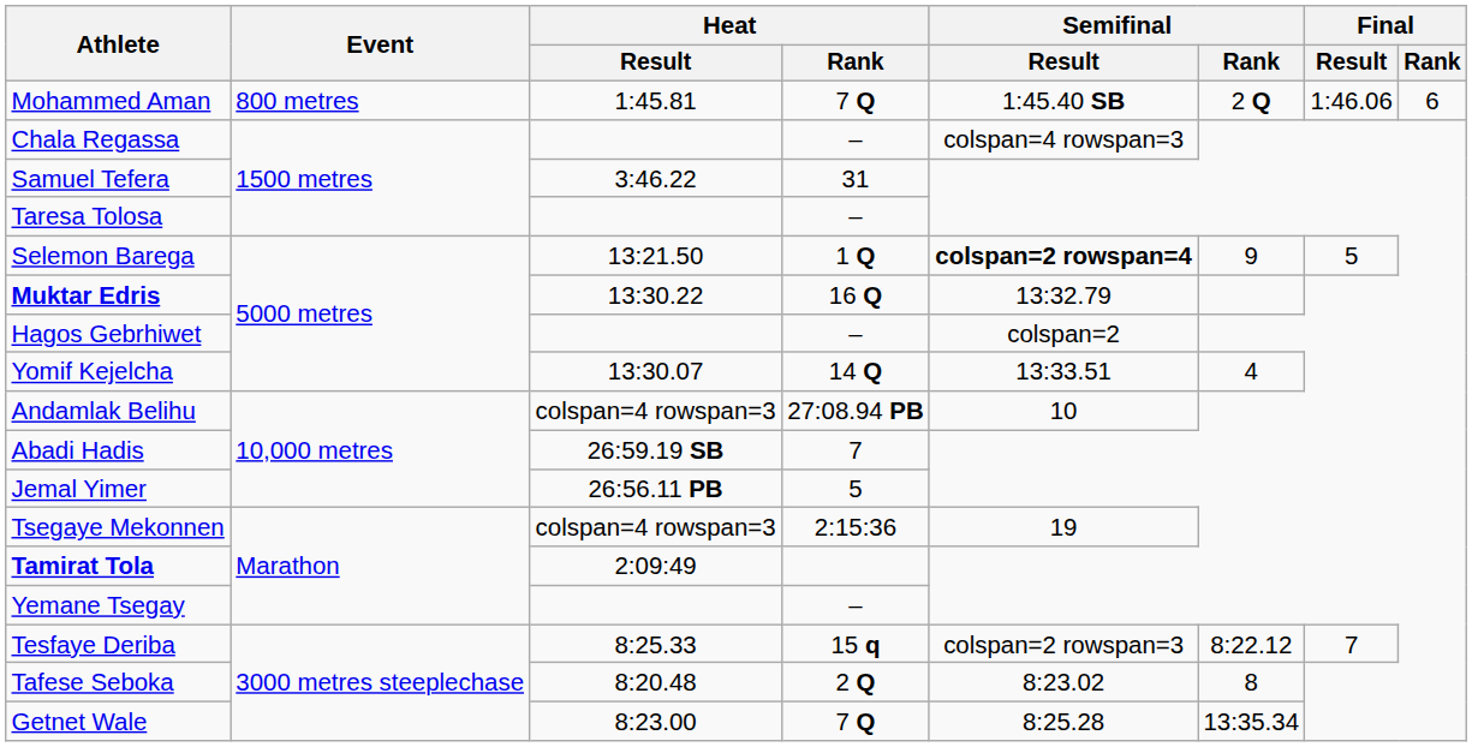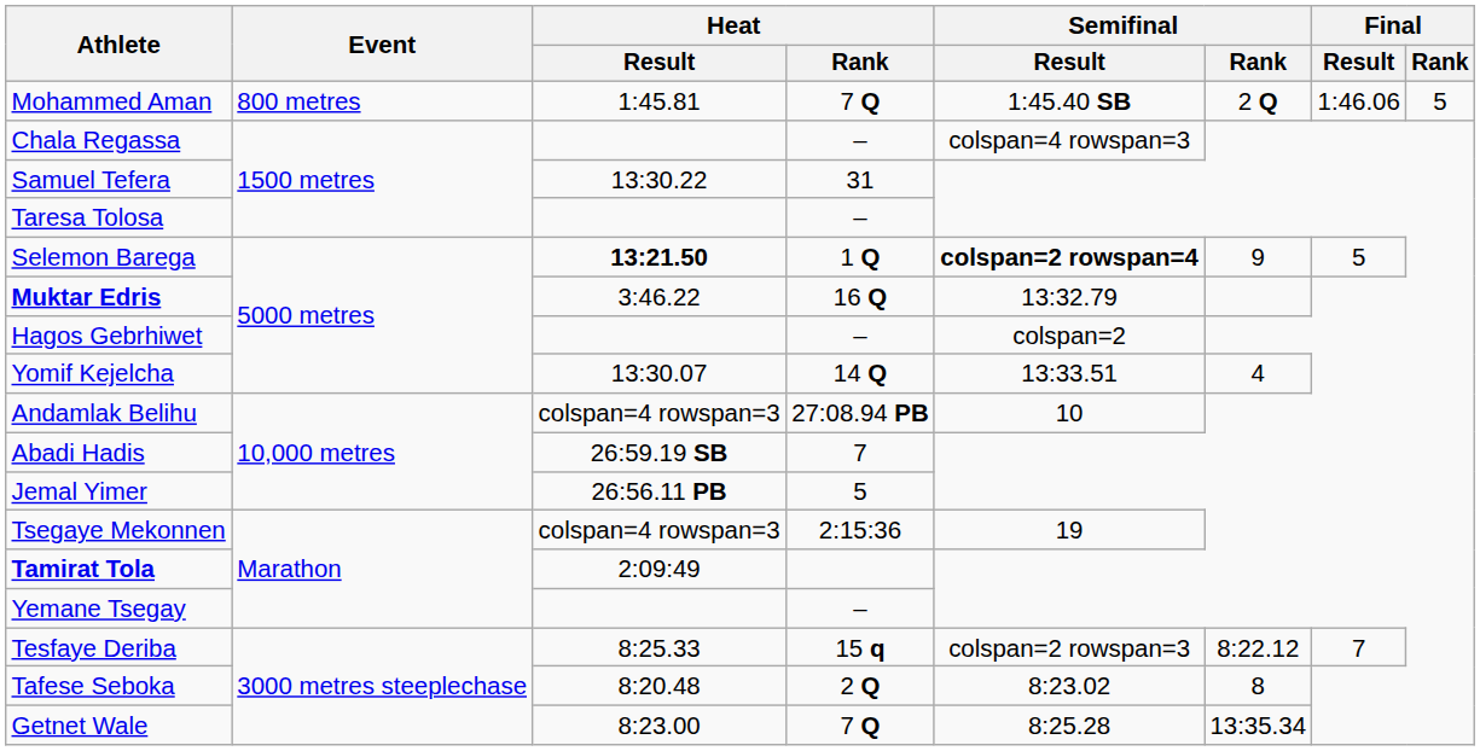 <table class="wikitable" style="font-size:90%">
 <tr>
 <th rowspan="2">Athlete</th>
 <th rowspan="2">Event</th>
 <th colspan="2">Heat</th>
 <th colspan="2">Semifinal</th>
 <th colspan="2">Final</th>
 </tr>
 <tr style="font-size:95%">
 <th>Result</th>
 <th>Rank</th>
 <th>Result</th>
 <th>Rank</th>
 <th>Result</th>
 <th>Rank</th>
 </tr>
 <tr style=text-align:center>
 <td style=text-align:left><a href='#'>Mohammed Aman</a></td>
 <td style=text-align:left><a href='#'>800 metres</a></td>
 <td>1:45.81</td>
 <td>7 <strong>Q</strong></td>
 <td>1:45.40 <strong>SB</strong></td>
 <td>2 <strong>Q</strong></td>
 <td>1:46.06</td>
-<td>6</td>
+<td>5</td>
 </tr>
 <tr style=text-align:center>
 <td style=text-align:left><a href='#'>Chala Regassa</a></td>
 <td style=text-align:left rowspan=3><a href='#'>1500 metres</a></td>
 <td></td>
 <td>–</td>
 <td>colspan=4 rowspan=3 </td>
 </tr>
 <tr style=text-align:center>
 <td style=text-align:left><a href='#'>Samuel Tefera</a></td>
-<td>3:46.22</td>
+<td>13:30.22</td>
 <td>31</td>
 </tr>
 <tr style=text-align:center>
 <td style=text-align:left><a href='#'>Taresa Tolosa</a></td>
 <td></td>
 <td>–</td>
 </tr>
 <tr style=text-align:center>
 <td style=text-align:left><a href='#'>Selemon Barega</a></td>
 <td style=text-align:left rowspan=4><a href='#'>5000 metres</a></td>
-<td>13:21.50</td>
+<td><strong>13:21.50</strong></td>
 <td>1 <strong>Q</strong></td>
 <td><strong>colspan=2 rowspan=4 </strong></td>
 <td>9</td>
 <td>5</td>
 </tr>
 <tr style=text-align:center>
 <td style=text-align:left><strong><a href='#'>Muktar Edris</a></strong></td>
-<td>13:30.22</td>
+<td>3:46.22</td>
 <td>16 <strong>Q</strong></td>
 <td>13:32.79</td>
 <td></td>
 </tr>
 <tr style=text-align:center>
 <td style=text-align:left><a href='#'>Hagos Gebrhiwet</a></td>
 <td></td>
 <td>–</td>
 <td>colspan=2 </td>
 </tr>
 <tr style=text-align:center>
 <td style=text-align:left><a href='#'>Yomif Kejelcha</a></td>
 <td>13:30.07</td>
 <td>14 <strong>Q</strong></td>
 <td>13:33.51</td>
 <td>4</td>
 </tr>
 <tr style=text-align:center>
 <td style=text-align:left><a href='#'>Andamlak Belihu</a></td>
 <td style=text-align:left rowspan=3><a href='#'>10,000 metres</a></td>
 <td>colspan=4 rowspan=3 </td>
 <td>27:08.94 <strong>PB</strong></td>
 <td>10</td>
 </tr>
 <tr style=text-align:center>
 <td style=text-align:left><a href='#'>Abadi Hadis</a></td>
 <td>26:59.19 <strong>SB</strong></td>
 <td>7</td>
 </tr>
 <tr style=text-align:center>
 <td style=text-align:left><a href='#'>Jemal Yimer</a></td>
 <td>26:56.11 <strong>PB</strong></td>
 <td>5</td>
 </tr>
 <tr style=text-align:center>
 <td style=text-align:left><a href='#'>Tsegaye Mekonnen</a></td>
 <td style=text-align:left rowspan=3><a href='#'>Marathon</a></td>
 <td>colspan=4 rowspan=3 </td>
 <td>2:15:36</td>
 <td>19</td>
 </tr>
 <tr style=text-align:center>
 <td style=text-align:left><strong><a href='#'>Tamirat Tola</a></strong></td>
 <td>2:09:49</td>
 <td></td>
 </tr>
 <tr style=text-align:center>
 <td style=text-align:left><a href='#'>Yemane Tsegay</a></td>
 <td></td>
 <td>–</td>
 </tr>
 <tr style=text-align:center>
 <td style=text-align:left><a href='#'>Tesfaye Deriba</a></td>
 <td style=text-align:left rowspan=3><a href='#'>3000 metres steeplechase</a></td>
 <td>8:25.33</td>
 <td>15 <strong>q</strong></td>
 <td>colspan=2 rowspan=3</td>
 <td>8:22.12</td>
 <td>7</td>
 </tr>
 <tr style=text-align:center>
 <td style=text-align:left><a href='#'>Tafese Seboka</a></td>
 <td>8:20.48</td>
 <td>2 <strong>Q</strong></td>
 <td>8:23.02</td>
 <td>8</td>
 </tr>
 <tr style=text-align:center>
 <td style=text-align:left><a href='#'>Getnet Wale</a></td>
 <td>8:23.00</td>
 <td>7 <strong>Q</strong></td>
 <td>8:25.28</td>
 <td>13:35.34</td>
 </tr>
 </table>
